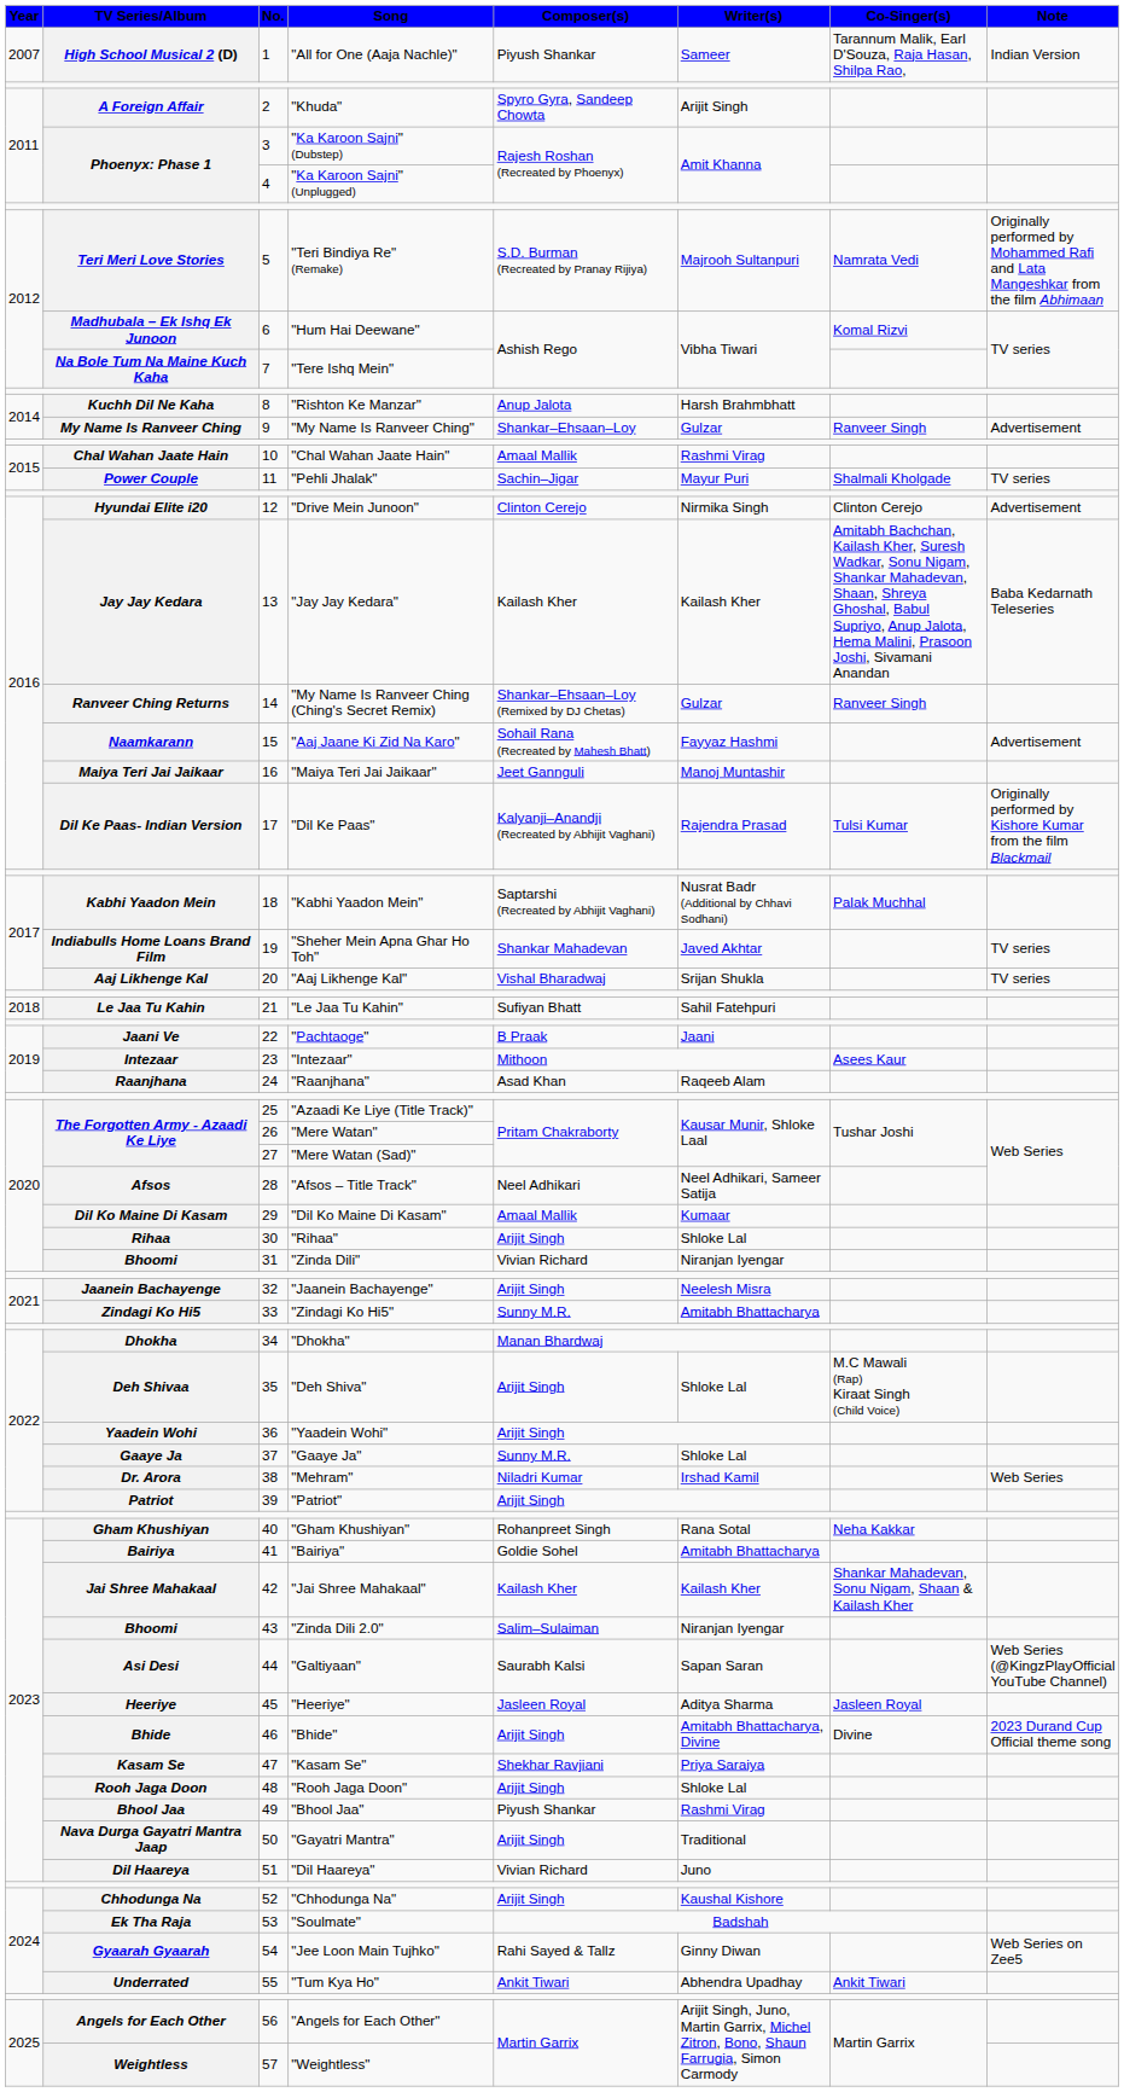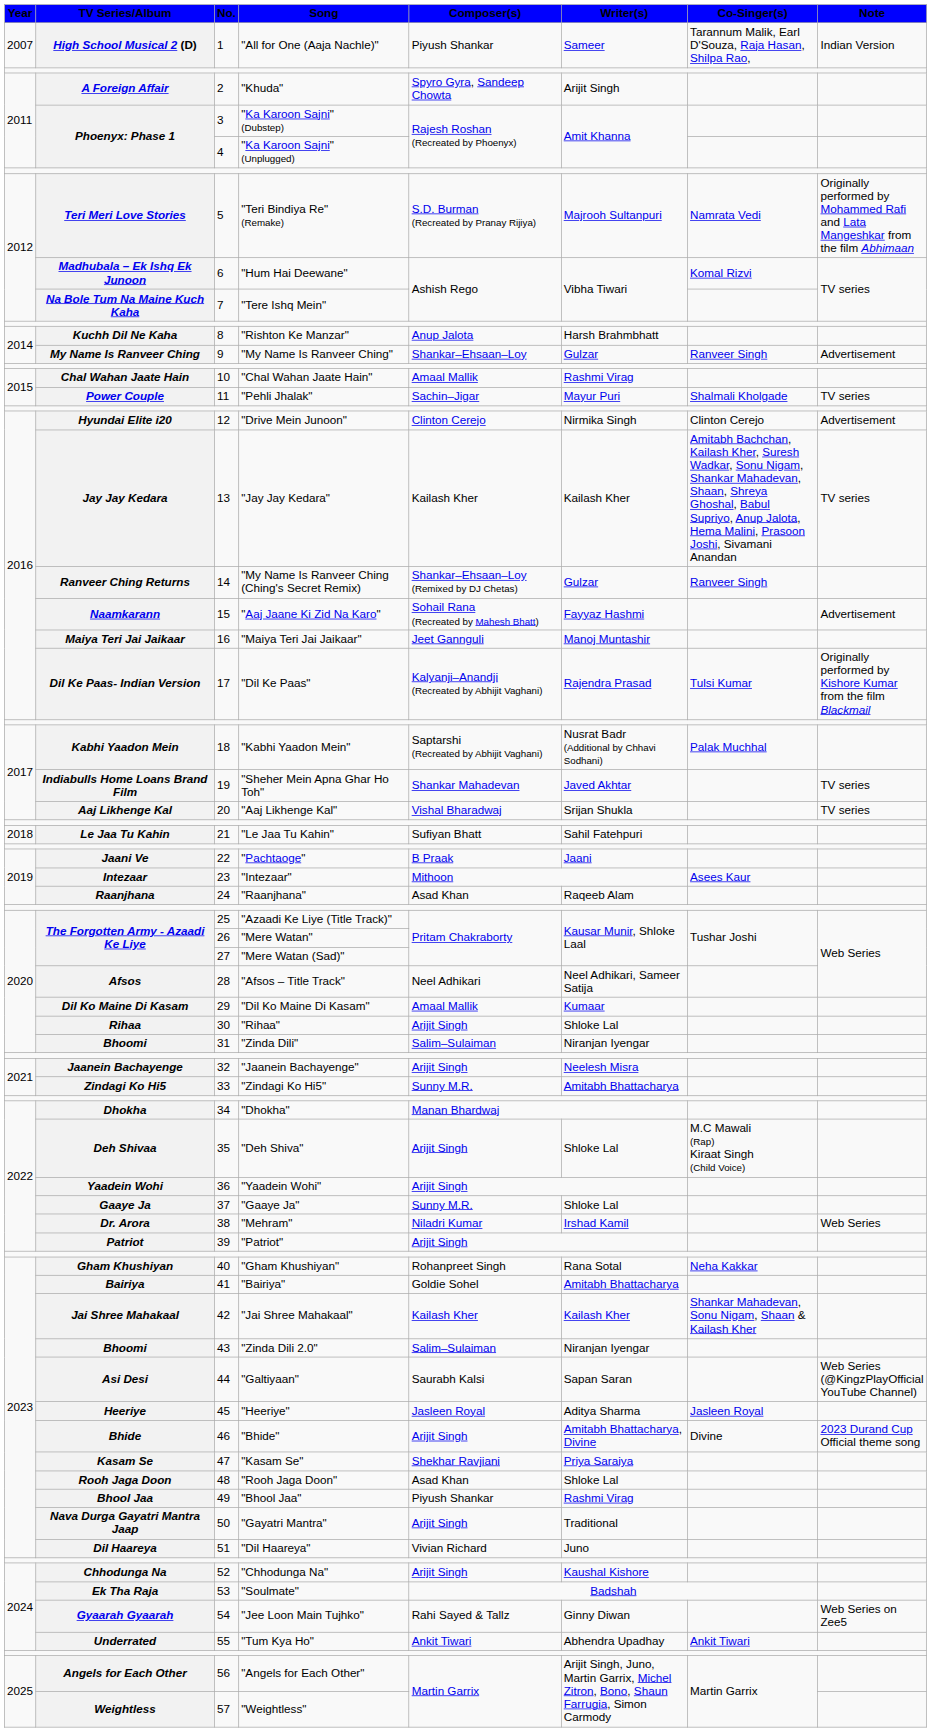 <table class="wikitable plainrowheaders" style="width:100%;" textcolor:#000;">
 <tr style="background: Blue ; text-align:center;">
 <td><strong>Year</strong></td>
 <td scope="col" style="width:24%;"><strong>TV Series/Album</strong></td>
 <td><strong>No.</strong></td>
 <td scope="col" style="width:23%;"><strong>Song</strong></td>
 <td scope="col" style="width:20%;"><strong>Composer(s)</strong></td>
 <td scope="col" style="width:16%;"><strong>Writer(s)</strong></td>
 <td scope="col" style="width:18%;"><strong>Co-Singer(s)</strong></td>
 <td scope="col" style="width:18%;"><strong>Note</strong></td>
 </tr>
 <tr>
 <td>2007</td>
 <th scope="row"><em><a href='#'>High School Musical 2</a></em> (D)</th>
 <td>1</td>
 <td>"All for One (Aaja Nachle)"</td>
 <td>Piyush Shankar</td>
 <td><a href='#'>Sameer</a></td>
 <td>Tarannum Malik, Earl D'Souza, <a href='#'>Raja Hasan</a>, <a href='#'>Shilpa Rao</a>,</td>
 <td>Indian Version</td>
 </tr>
 <tr>
 <td colspan="8"></td>
 </tr>
 <tr>
 <td rowspan="3">2011</td>
 <th scope="row"><em><a href='#'>A Foreign Affair</a></em></th>
 <td>2</td>
 <td>"Khuda"</td>
 <td><a href='#'>Spyro Gyra</a>, <a href='#'>Sandeep Chowta</a></td>
 <td>Arijit Singh</td>
 <td></td>
 <td></td>
 </tr>
 <tr>
 <th rowspan="2" scope="row"><em>Phoenyx: Phase 1</em></th>
 <td>3</td>
 <td>"<a href='#'>Ka Karoon Sajni</a>"<br><small>(Dubstep)</small></td>
 <td rowspan="2"><a href='#'>Rajesh Roshan</a><br><small>(Recreated by Phoenyx)</small></td>
 <td rowspan="2"><a href='#'>Amit Khanna</a></td>
 <td></td>
 <td></td>
 </tr>
 <tr>
 <td>4</td>
 <td>"<a href='#'>Ka Karoon Sajni</a>"<br><small>(Unplugged)</small></td>
 <td></td>
 <td></td>
 </tr>
 <tr>
 <td colspan="8"></td>
 </tr>
 <tr>
 <td rowspan="3">2012</td>
 <th scope="row"><em><a href='#'>Teri Meri Love Stories</a></em></th>
 <td>5</td>
 <td>"Teri Bindiya Re" <br><small>(Remake)</small></td>
 <td><a href='#'>S.D. Burman</a> <br><small>(Recreated by Pranay Rijiya)</small></td>
 <td><a href='#'>Majrooh Sultanpuri</a></td>
 <td><a href='#'>Namrata Vedi</a></td>
 <td>Originally performed by <a href='#'>Mohammed Rafi</a> and <a href='#'>Lata Mangeshkar</a> from the film <em><a href='#'>Abhimaan</a></em></td>
 </tr>
 <tr>
 <th scope="row"><em><a href='#'>Madhubala – Ek Ishq Ek Junoon</a></em></th>
 <td>6</td>
 <td>"Hum Hai Deewane"</td>
 <td rowspan="2">Ashish Rego</td>
 <td rowspan="2">Vibha Tiwari</td>
 <td><a href='#'>Komal Rizvi</a></td>
 <td rowspan="2">TV series</td>
 </tr>
 <tr>
 <th scope="row"><em><a href='#'>Na Bole Tum Na Maine Kuch Kaha</a></em></th>
 <td>7</td>
 <td>"Tere Ishq Mein"</td>
 <td></td>
 </tr>
 <tr>
 <td colspan="8"></td>
 </tr>
 <tr>
 <td rowspan="2">2014</td>
 <th scope="row"><em>Kuchh Dil Ne Kaha</em></th>
 <td>8</td>
 <td>"Rishton Ke Manzar"</td>
 <td><a href='#'>Anup Jalota</a></td>
 <td>Harsh Brahmbhatt</td>
 <td></td>
 <td></td>
 </tr>
 <tr>
 <th scope="row"><em>My Name Is Ranveer Ching</em></th>
 <td>9</td>
 <td>"My Name Is Ranveer Ching"</td>
 <td><a href='#'>Shankar–Ehsaan–Loy</a></td>
 <td><a href='#'>Gulzar</a></td>
 <td><a href='#'>Ranveer Singh</a></td>
 <td>Advertisement</td>
 </tr>
 <tr>
 <td colspan="8"></td>
 </tr>
 <tr>
 <td rowspan="2">2015</td>
 <th scope="row"><em>Chal Wahan Jaate Hain</em></th>
 <td>10</td>
 <td>"Chal Wahan Jaate Hain"</td>
 <td><a href='#'>Amaal Mallik</a></td>
 <td><a href='#'>Rashmi Virag</a></td>
 <td></td>
 <td></td>
 </tr>
 <tr>
 <th scope="row"><em><a href='#'>Power Couple</a></em></th>
 <td>11</td>
 <td>"Pehli Jhalak"</td>
 <td><a href='#'>Sachin–Jigar</a></td>
 <td><a href='#'>Mayur Puri</a></td>
 <td><a href='#'>Shalmali Kholgade</a></td>
 <td>TV series</td>
 </tr>
 <tr>
 <td colspan="8"></td>
 </tr>
 <tr>
 <td rowspan="6">2016</td>
 <th scope="row"><em>Hyundai Elite i20</em></th>
 <td>12</td>
 <td>"Drive Mein Junoon"</td>
 <td><a href='#'>Clinton Cerejo</a></td>
 <td>Nirmika Singh</td>
 <td>Clinton Cerejo</td>
 <td>Advertisement</td>
 </tr>
 <tr>
 <th scope="row"><em>Jay Jay Kedara</em></th>
 <td>13</td>
 <td>"Jay Jay Kedara"</td>
 <td>Kailash Kher</td>
 <td>Kailash Kher</td>
 <td><a href='#'>Amitabh Bachchan</a>, <a href='#'>Kailash Kher</a>, <a href='#'>Suresh Wadkar</a>, <a href='#'>Sonu Nigam</a>, <a href='#'>Shankar Mahadevan</a>, <a href='#'>Shaan</a>, <a href='#'>Shreya Ghoshal</a>, <a href='#'>Babul Supriyo</a>, <a href='#'>Anup Jalota</a>, <a href='#'>Hema Malini</a>, <a href='#'>Prasoon Joshi</a>, Sivamani Anandan</td>
-<td>Baba Kedarnath Teleseries</td>
+<td>TV series</td>
 </tr>
 <tr>
 <th scope="row"><em>Ranveer Ching Returns</em></th>
 <td>14</td>
 <td>"My Name Is Ranveer Ching (Ching's Secret Remix)</td>
 <td><a href='#'>Shankar–Ehsaan–Loy</a><br><small>(Remixed by DJ Chetas)</small></td>
 <td><a href='#'>Gulzar</a></td>
 <td><a href='#'>Ranveer Singh</a></td>
 <td></td>
 </tr>
 <tr>
 <th scope="row"><em><a href='#'>Naamkarann</a></em></th>
 <td>15</td>
 <td>"<a href='#'>Aaj Jaane Ki Zid Na Karo</a>"</td>
 <td><a href='#'>Sohail Rana</a> <br><small>(Recreated by <a href='#'>Mahesh Bhatt</a>)</small></td>
 <td><a href='#'>Fayyaz Hashmi</a></td>
 <td></td>
 <td>Advertisement</td>
 </tr>
 <tr>
 <th scope="row"><em>Maiya Teri Jai Jaikaar</em></th>
 <td>16</td>
 <td>"Maiya Teri Jai Jaikaar"</td>
 <td><a href='#'>Jeet Gannguli</a></td>
 <td><a href='#'>Manoj Muntashir</a></td>
 <td></td>
 <td></td>
 </tr>
 <tr>
 <th scope="row"><em>Dil Ke Paas- Indian Version</em></th>
 <td>17</td>
 <td>"Dil Ke Paas"</td>
 <td><a href='#'>Kalyanji–Anandji</a><br><small>(Recreated by Abhijit Vaghani)</small></td>
 <td><a href='#'>Rajendra Prasad</a></td>
 <td><a href='#'>Tulsi Kumar</a></td>
 <td>Originally performed by <a href='#'>Kishore Kumar</a> from the film <em><a href='#'>Blackmail</a></em></td>
 </tr>
 <tr>
 <td colspan="8"></td>
 </tr>
 <tr>
 <td rowspan="3">2017</td>
 <th scope="row"><em>Kabhi Yaadon Mein</em></th>
 <td>18</td>
 <td>"Kabhi Yaadon Mein"</td>
 <td>Saptarshi<br><small>(Recreated by Abhijit Vaghani)</small></td>
 <td>Nusrat Badr<br><small>(Additional by Chhavi Sodhani)</small></td>
 <td><a href='#'>Palak Muchhal</a></td>
 <td></td>
 </tr>
 <tr>
 <th scope="row"><em>Indiabulls Home Loans Brand Film</em></th>
 <td>19</td>
 <td>"Sheher Mein Apna Ghar Ho Toh"</td>
 <td><a href='#'>Shankar Mahadevan</a></td>
 <td><a href='#'>Javed Akhtar</a></td>
 <td></td>
 <td>TV series</td>
 </tr>
 <tr>
 <th scope="row"><em>Aaj Likhenge Kal</em></th>
 <td>20</td>
 <td>"Aaj Likhenge Kal"</td>
 <td><a href='#'>Vishal Bharadwaj</a></td>
 <td>Srijan Shukla</td>
 <td></td>
 <td>TV series</td>
 </tr>
 <tr>
 <td colspan="8"></td>
 </tr>
 <tr>
 <td>2018</td>
 <th scope="row"><em>Le Jaa Tu Kahin</em></th>
 <td>21</td>
 <td>"Le Jaa Tu Kahin"</td>
 <td>Sufiyan Bhatt</td>
 <td>Sahil Fatehpuri</td>
 <td></td>
 <td></td>
 </tr>
 <tr>
 <td colspan="8"></td>
 </tr>
 <tr>
 <td rowspan="3">2019</td>
 <th scope="row"><em>Jaani Ve</em></th>
 <td>22</td>
 <td>"<a href='#'>Pachtaoge</a>"</td>
 <td><a href='#'>B Praak</a></td>
 <td><a href='#'>Jaani</a></td>
 <td></td>
 <td></td>
 </tr>
 <tr>
 <th scope="row"><em>Intezaar</em></th>
 <td>23</td>
 <td>"Intezaar"</td>
 <td colspan="2"><a href='#'>Mithoon</a></td>
 <td><a href='#'>Asees Kaur</a></td>
 <td></td>
 </tr>
 <tr>
 <th scope="row"><em>Raanjhana</em></th>
 <td>24</td>
 <td>"Raanjhana"</td>
 <td>Asad Khan</td>
 <td>Raqeeb Alam</td>
 <td></td>
 <td></td>
 </tr>
 <tr>
 <td colspan="8"></td>
 </tr>
 <tr>
 <td rowspan="7">2020</td>
 <th rowspan="3" scope="row"><em><a href='#'>The Forgotten Army - Azaadi Ke Liye</a></em></th>
 <td>25</td>
 <td>"Azaadi Ke Liye (Title Track)"</td>
 <td rowspan="3"><a href='#'>Pritam Chakraborty</a></td>
 <td rowspan="3"><a href='#'>Kausar Munir</a>, Shloke Laal</td>
 <td rowspan="3">Tushar Joshi</td>
 <td rowspan="4">Web Series</td>
 </tr>
 <tr>
 <td>26</td>
 <td>"Mere Watan"</td>
 </tr>
 <tr>
 <td>27</td>
 <td>"Mere Watan (Sad)"</td>
 </tr>
 <tr>
 <th scope="row"><em>Afsos</em></th>
 <td>28</td>
 <td>"Afsos – Title Track"</td>
 <td>Neel Adhikari</td>
 <td>Neel Adhikari, Sameer Satija</td>
 <td></td>
 </tr>
 <tr>
 <th scope="row"><em>Dil Ko Maine Di Kasam</em></th>
 <td>29</td>
 <td>"Dil Ko Maine Di Kasam"</td>
 <td><a href='#'>Amaal Mallik</a></td>
 <td><a href='#'>Kumaar</a></td>
 <td></td>
 <td></td>
 </tr>
 <tr>
 <th scope="row"><em>Rihaa</em></th>
 <td>30</td>
 <td>"Rihaa"</td>
 <td><a href='#'>Arijit Singh</a></td>
 <td>Shloke Lal</td>
 <td></td>
 <td></td>
 </tr>
 <tr>
 <th scope="row"><em>Bhoomi</em></th>
 <td>31</td>
 <td>"Zinda Dili"</td>
-<td>Vivian Richard</td>
+<td><a href='#'>Salim–Sulaiman</a></td>
 <td>Niranjan Iyengar</td>
 <td></td>
 <td></td>
 </tr>
 <tr>
 <td colspan="8"></td>
 </tr>
 <tr>
 <td rowspan="2">2021</td>
 <th scope="row"><em>Jaanein Bachayenge</em></th>
 <td>32</td>
 <td>"Jaanein Bachayenge"</td>
 <td><a href='#'>Arijit Singh</a></td>
 <td><a href='#'>Neelesh Misra</a></td>
 <td></td>
 <td></td>
 </tr>
 <tr>
 <th scope="row"><em>Zindagi Ko Hi5</em></th>
 <td>33</td>
 <td>"Zindagi Ko Hi5"</td>
 <td><a href='#'>Sunny M.R.</a></td>
 <td><a href='#'>Amitabh Bhattacharya</a></td>
 <td></td>
 <td></td>
 </tr>
 <tr>
 <td colspan="8"></td>
 </tr>
 <tr>
 <td rowspan="6">2022</td>
 <th scope="row"><em>Dhokha</em></th>
 <td>34</td>
 <td>"Dhokha"</td>
 <td colspan="2"><a href='#'>Manan Bhardwaj</a></td>
 <td></td>
 <td></td>
 </tr>
 <tr>
 <th scope="row"><em>Deh Shivaa</em></th>
 <td>35</td>
 <td>"Deh Shiva"</td>
 <td><a href='#'>Arijit Singh</a></td>
 <td>Shloke Lal</td>
 <td>M.C Mawali<br><small>(Rap)</small><br>Kiraat Singh<br><small>(Child Voice)</small></td>
 <td></td>
 </tr>
 <tr>
 <th scope="row"><em>Yaadein Wohi</em></th>
 <td>36</td>
 <td>"Yaadein Wohi"</td>
 <td Colspan="2"><a href='#'>Arijit Singh</a></td>
 <td></td>
 <td></td>
 </tr>
 <tr>
 <th scope="row"><em>Gaaye Ja</em></th>
 <td>37</td>
 <td>"Gaaye Ja"</td>
 <td><a href='#'>Sunny M.R.</a></td>
 <td>Shloke Lal</td>
 <td></td>
 <td></td>
 </tr>
 <tr>
 <th scope="row"><em>Dr. Arora</em></th>
 <td>38</td>
 <td>"Mehram"</td>
 <td><a href='#'>Niladri Kumar</a></td>
 <td><a href='#'>Irshad Kamil</a></td>
 <td></td>
 <td>Web Series</td>
 </tr>
 <tr>
 <th scope="row"><em>Patriot</em></th>
 <td>39</td>
 <td>"Patriot"</td>
 <td Colspan="2"><a href='#'>Arijit Singh</a></td>
 <td></td>
 <td></td>
 </tr>
 <tr>
 <td colspan="8"></td>
 </tr>
 <tr>
 <td rowspan="12">2023</td>
 <th scope="row"><em>Gham Khushiyan</em></th>
 <td>40</td>
 <td>"Gham Khushiyan"</td>
 <td>Rohanpreet Singh</td>
 <td>Rana Sotal</td>
 <td><a href='#'>Neha Kakkar</a></td>
 <td></td>
 </tr>
 <tr>
 <th scope="row"><em>Bairiya</em></th>
 <td>41</td>
 <td>"Bairiya"</td>
 <td>Goldie Sohel</td>
 <td><a href='#'>Amitabh Bhattacharya</a></td>
 <td></td>
 <td></td>
 </tr>
 <tr>
 <th scope="row"><em>Jai Shree Mahakaal</em></th>
 <td>42</td>
 <td>"Jai Shree Mahakaal"</td>
 <td><a href='#'>Kailash Kher</a></td>
 <td><a href='#'>Kailash Kher</a></td>
 <td><a href='#'>Shankar Mahadevan</a>, <a href='#'>Sonu Nigam</a>, <a href='#'>Shaan</a>  & <a href='#'>Kailash Kher</a></td>
 <td></td>
 </tr>
 <tr>
 <th scope="row"><em>Bhoomi</em></th>
 <td>43</td>
 <td>"Zinda Dili 2.0"</td>
 <td><a href='#'>Salim–Sulaiman</a></td>
 <td>Niranjan Iyengar</td>
 <td></td>
 <td></td>
 </tr>
 <tr>
 <th scope="row"><em>Asi Desi</em></th>
 <td>44</td>
 <td>"Galtiyaan"</td>
 <td>Saurabh Kalsi</td>
 <td>Sapan Saran</td>
 <td></td>
 <td>Web Series (@KingzPlayOfficial YouTube Channel)</td>
 </tr>
 <tr>
 <th scope="row"><em>Heeriye</em></th>
 <td>45</td>
 <td>"Heeriye"</td>
 <td><a href='#'>Jasleen Royal</a></td>
 <td>Aditya Sharma</td>
 <td><a href='#'>Jasleen Royal</a></td>
 <td></td>
 </tr>
 <tr>
 <th scope="row"><em>Bhide</em></th>
 <td>46</td>
 <td>"Bhide"</td>
 <td><a href='#'>Arijit Singh</a></td>
 <td><a href='#'>Amitabh Bhattacharya</a>, <a href='#'>Divine</a></td>
 <td>Divine</td>
 <td><a href='#'>2023 Durand Cup</a> Official theme song</td>
 </tr>
 <tr>
 <th scope="row"><em>Kasam Se</em></th>
 <td>47</td>
 <td>"Kasam Se"</td>
 <td><a href='#'>Shekhar Ravjiani</a></td>
 <td><a href='#'>Priya Saraiya</a></td>
 <td></td>
 <td></td>
 </tr>
 <tr>
 <th scope="row"><em>Rooh Jaga Doon</em></th>
 <td>48</td>
 <td>"Rooh Jaga Doon"</td>
-<td><a href='#'>Arijit Singh</a></td>
+<td>Asad Khan</td>
 <td>Shloke Lal</td>
 <td></td>
 <td></td>
 </tr>
 <tr>
 <th scope="row"><em>Bhool Jaa</em></th>
 <td>49</td>
 <td>"Bhool Jaa"</td>
 <td>Piyush Shankar</td>
 <td><a href='#'>Rashmi Virag</a></td>
 <td></td>
 <td></td>
 </tr>
 <tr>
 <th scope="row"><em>Nava Durga Gayatri Mantra Jaap</em></th>
 <td>50</td>
 <td>"Gayatri Mantra"</td>
 <td><a href='#'>Arijit Singh</a></td>
 <td>Traditional</td>
 <td></td>
 <td></td>
 </tr>
 <tr>
 <th scope="row"><em>Dil Haareya</em></th>
 <td>51</td>
 <td>"Dil Haareya"</td>
 <td>Vivian Richard</td>
 <td>Juno</td>
 <td></td>
 <td></td>
 </tr>
 <tr>
 <td colspan="8"></td>
 </tr>
 <tr>
 <td rowspan=4>2024</td>
 <th scope="row"><em>Chhodunga Na</em></th>
 <td>52</td>
 <td>"Chhodunga Na"</td>
 <td><a href='#'>Arijit Singh</a></td>
 <td><a href='#'>Kaushal Kishore</a></td>
 <td></td>
 <td></td>
 </tr>
 <tr>
 <th scope="row"><em>Ek Tha Raja</em></th>
 <td>53</td>
 <td>"Soulmate"</td>
 <td colspan=3 align="center"><a href='#'>Badshah</a></td>
 <td></td>
 </tr>
 <tr>
 <th scope="row"><em><a href='#'>Gyaarah Gyaarah</a></em></th>
 <td>54</td>
 <td>"Jee Loon Main Tujhko"</td>
 <td>Rahi Sayed & Tallz</td>
 <td>Ginny Diwan</td>
 <td></td>
 <td>Web Series on Zee5</td>
 </tr>
 <tr>
 <th scope="row"><em>Underrated</em></th>
 <td>55</td>
 <td>"Tum Kya Ho"</td>
 <td><a href='#'>Ankit Tiwari</a></td>
 <td>Abhendra Upadhay</td>
 <td><a href='#'>Ankit Tiwari</a></td>
 <td></td>
 </tr>
 <tr>
 <td colspan="8"></td>
 </tr>
 <tr>
 <td rowspan=2>2025</td>
 <th scope="row"><em>Angels for Each Other</em></th>
 <td>56</td>
 <td>"Angels for Each Other"</td>
 <td rowspan=2><a href='#'>Martin Garrix</a></td>
 <td rowspan=2>Arijit Singh, Juno, Martin Garrix, <a href='#'>Michel Zitron</a>, <a href='#'>Bono</a>, <a href='#'>Shaun Farrugia</a>, Simon Carmody</td>
 <td rowspan=2>Martin Garrix</td>
 <td></td>
 </tr>
 <tr>
 <th scope="row"><em>Weightless</em></th>
 <td>57</td>
 <td>"Weightless"</td>
 <td></td>
 </tr>
 </table>
